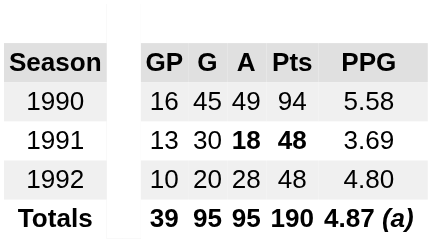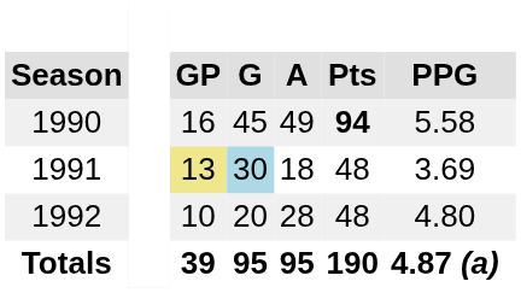 <table BORDER="0" CELLPADDING="3" CELLSPACING="0">
 <tr ALIGN="center" bgcolor="#e0e0e0">
 <th colspan="1" bgcolor="#ffffff"> </th>
 <th rowspan="99" bgcolor="#ffffff"> </th>
 <th rowspan="99" bgcolor="#ffffff"> </th>
 </tr>
 <tr ALIGN="center" bgcolor="#e0e0e0">
 <th>Season</th>
 <th>GP</th>
 <th>G</th>
 <th>A</th>
 <th>Pts</th>
 <th>PPG</th>
 <th></th>
 </tr>
 <tr ALIGN="center" bgcolor="#f0f0f0">
 <td>1990</td>
 <td>16</td>
 <td>45</td>
 <td>49</td>
-<td>94</td>
+<td><strong>94</strong></td>
 <td>5.58</td>
 <td></td>
 </tr>
 <tr ALIGN="center">
 <td>1991</td>
-<td>13</td>
-<td>30</td>
-<td><strong>18</strong></td>
-<td><strong>48</strong></td>
+<td style="background: khaki;">13</td>
+<td style="background: lightblue;">30</td>
+<td>18</td>
+<td>48</td>
 <td>3.69</td>
 <td></td>
 </tr>
 <tr ALIGN="center" bgcolor="#f0f0f0">
 <td>1992</td>
 <td>10</td>
 <td>20</td>
 <td>28</td>
 <td>48</td>
 <td>4.80</td>
 <td></td>
 </tr>
 <tr ALIGN="center">
 <th colspan="1.5">Totals</th>
 <th>39</th>
 <th>95</th>
 <th>95</th>
 <th>190</th>
 <th>4.87 <em>(a)</em></th>
 <th></th>
 </tr>
 </table>
